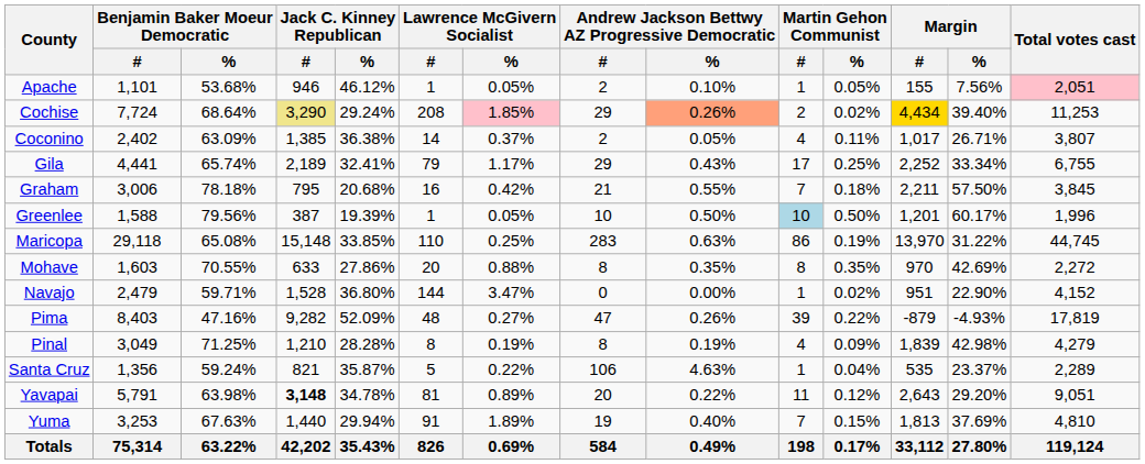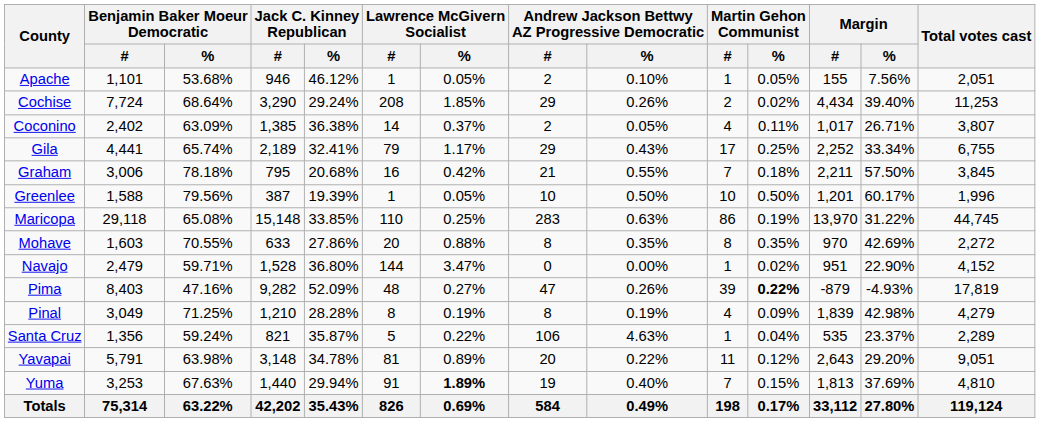 <table class="wikitable sortable" style="text-align:center">
 <tr>
 <th rowspan="2">County</th>
 <th style="text-align:center;" colspan="2">Benjamin Baker Moeur<br>Democratic</th>
 <th style="text-align:center;" colspan="2">Jack C. Kinney<br>Republican</th>
 <th style="text-align:center;" colspan="2">Lawrence McGivern<br>Socialist</th>
 <th style="text-align:center;" colspan="2">Andrew Jackson Bettwy<br>AZ Progressive Democratic</th>
 <th style="text-align:center;" colspan="2">Martin Gehon<br>Communist</th>
 <th style="text-align:center;" colspan="2">Margin</th>
 <th style="text-align:center;" rowspan="2">Total votes cast</th>
 </tr>
 <tr>
 <th style="text-align:center;" data-sort-type="number">#</th>
 <th style="text-align:center;" data-sort-type="number">%</th>
 <th style="text-align:center;" data-sort-type="number">#</th>
 <th style="text-align:center;" data-sort-type="number">%</th>
 <th style="text-align:center;" data-sort-type="number">#</th>
 <th style="text-align:center;" data-sort-type="number">%</th>
 <th style="text-align:center;" data-sort-type="number">#</th>
 <th style="text-align:center;" data-sort-type="number">%</th>
 <th style="text-align:center;" data-sort-type="number">#</th>
 <th style="text-align:center;" data-sort-type="number">%</th>
 <th style="text-align:center;" data-sort-type="number">#</th>
 <th style="text-align:center;" data-sort-type="number">%</th>
 </tr>
 <tr style="text-align:center;">
 <td><a href='#'>Apache</a></td>
 <td>1,101</td>
 <td>53.68%</td>
 <td>946</td>
 <td>46.12%</td>
 <td>1</td>
 <td>0.05%</td>
 <td>2</td>
 <td>0.10%</td>
 <td>1</td>
 <td>0.05%</td>
 <td>155</td>
 <td>7.56%</td>
-<td style="background: pink;">2,051</td>
+<td>2,051</td>
 </tr>
 <tr style="text-align:center;">
 <td><a href='#'>Cochise</a></td>
 <td>7,724</td>
 <td>68.64%</td>
-<td style="background: khaki;">3,290</td>
+<td>3,290</td>
 <td>29.24%</td>
 <td>208</td>
-<td style="background: pink;">1.85%</td>
+<td>1.85%</td>
 <td>29</td>
-<td style="background: lightsalmon;">0.26%</td>
+<td>0.26%</td>
 <td>2</td>
 <td>0.02%</td>
-<td style="background: gold;">4,434</td>
+<td>4,434</td>
 <td>39.40%</td>
 <td>11,253</td>
 </tr>
 <tr style="text-align:center;">
 <td><a href='#'>Coconino</a></td>
 <td>2,402</td>
 <td>63.09%</td>
 <td>1,385</td>
 <td>36.38%</td>
 <td>14</td>
 <td>0.37%</td>
 <td>2</td>
 <td>0.05%</td>
 <td>4</td>
 <td>0.11%</td>
 <td>1,017</td>
 <td>26.71%</td>
 <td>3,807</td>
 </tr>
 <tr style="text-align:center;">
 <td><a href='#'>Gila</a></td>
 <td>4,441</td>
 <td>65.74%</td>
 <td>2,189</td>
 <td>32.41%</td>
 <td>79</td>
 <td>1.17%</td>
 <td>29</td>
 <td>0.43%</td>
 <td>17</td>
 <td>0.25%</td>
 <td>2,252</td>
 <td>33.34%</td>
 <td>6,755</td>
 </tr>
 <tr style="text-align:center;">
 <td><a href='#'>Graham</a></td>
 <td>3,006</td>
 <td>78.18%</td>
 <td>795</td>
 <td>20.68%</td>
 <td>16</td>
 <td>0.42%</td>
 <td>21</td>
 <td>0.55%</td>
 <td>7</td>
 <td>0.18%</td>
 <td>2,211</td>
 <td>57.50%</td>
 <td>3,845</td>
 </tr>
 <tr style="text-align:center;">
 <td><a href='#'>Greenlee</a></td>
 <td>1,588</td>
 <td>79.56%</td>
 <td>387</td>
 <td>19.39%</td>
 <td>1</td>
 <td>0.05%</td>
 <td>10</td>
 <td>0.50%</td>
-<td style="background: lightblue;">10</td>
+<td>10</td>
 <td>0.50%</td>
 <td>1,201</td>
 <td>60.17%</td>
 <td>1,996</td>
 </tr>
 <tr style="text-align:center;">
 <td><a href='#'>Maricopa</a></td>
 <td>29,118</td>
 <td>65.08%</td>
 <td>15,148</td>
 <td>33.85%</td>
 <td>110</td>
 <td>0.25%</td>
 <td>283</td>
 <td>0.63%</td>
 <td>86</td>
 <td>0.19%</td>
 <td>13,970</td>
 <td>31.22%</td>
 <td>44,745</td>
 </tr>
 <tr style="text-align:center;">
 <td><a href='#'>Mohave</a></td>
 <td>1,603</td>
 <td>70.55%</td>
 <td>633</td>
 <td>27.86%</td>
 <td>20</td>
 <td>0.88%</td>
 <td>8</td>
 <td>0.35%</td>
 <td>8</td>
 <td>0.35%</td>
 <td>970</td>
 <td>42.69%</td>
 <td>2,272</td>
 </tr>
 <tr style="text-align:center;">
 <td><a href='#'>Navajo</a></td>
 <td>2,479</td>
 <td>59.71%</td>
 <td>1,528</td>
 <td>36.80%</td>
 <td>144</td>
 <td>3.47%</td>
 <td>0</td>
 <td>0.00%</td>
 <td>1</td>
 <td>0.02%</td>
 <td>951</td>
 <td>22.90%</td>
 <td>4,152</td>
 </tr>
 <tr style="text-align:center;">
 <td><a href='#'>Pima</a></td>
 <td>8,403</td>
 <td>47.16%</td>
 <td>9,282</td>
 <td>52.09%</td>
 <td>48</td>
 <td>0.27%</td>
 <td>47</td>
 <td>0.26%</td>
 <td>39</td>
-<td>0.22%</td>
+<td><strong>0.22%</strong></td>
 <td>-879</td>
 <td>-4.93%</td>
 <td>17,819</td>
 </tr>
 <tr style="text-align:center;">
 <td><a href='#'>Pinal</a></td>
 <td>3,049</td>
 <td>71.25%</td>
 <td>1,210</td>
 <td>28.28%</td>
 <td>8</td>
 <td>0.19%</td>
 <td>8</td>
 <td>0.19%</td>
 <td>4</td>
 <td>0.09%</td>
 <td>1,839</td>
 <td>42.98%</td>
 <td>4,279</td>
 </tr>
 <tr style="text-align:center;">
 <td><a href='#'>Santa Cruz</a></td>
 <td>1,356</td>
 <td>59.24%</td>
 <td>821</td>
 <td>35.87%</td>
 <td>5</td>
 <td>0.22%</td>
 <td>106</td>
 <td>4.63%</td>
 <td>1</td>
 <td>0.04%</td>
 <td>535</td>
 <td>23.37%</td>
 <td>2,289</td>
 </tr>
 <tr style="text-align:center;">
 <td><a href='#'>Yavapai</a></td>
 <td>5,791</td>
 <td>63.98%</td>
-<td><strong>3,148</strong></td>
+<td>3,148</td>
 <td>34.78%</td>
 <td>81</td>
 <td>0.89%</td>
 <td>20</td>
 <td>0.22%</td>
 <td>11</td>
 <td>0.12%</td>
 <td>2,643</td>
 <td>29.20%</td>
 <td>9,051</td>
 </tr>
 <tr style="text-align:center;">
 <td><a href='#'>Yuma</a></td>
 <td>3,253</td>
 <td>67.63%</td>
 <td>1,440</td>
 <td>29.94%</td>
 <td>91</td>
-<td>1.89%</td>
+<td><strong>1.89%</strong></td>
 <td>19</td>
 <td>0.40%</td>
 <td>7</td>
 <td>0.15%</td>
 <td>1,813</td>
 <td>37.69%</td>
 <td>4,810</td>
 </tr>
 <tr style="text-align:center;">
 <th>Totals</th>
 <th>75,314</th>
 <th>63.22%</th>
 <th>42,202</th>
 <th>35.43%</th>
 <th>826</th>
 <th>0.69%</th>
 <th>584</th>
 <th>0.49%</th>
 <th>198</th>
 <th>0.17%</th>
 <th>33,112</th>
 <th>27.80%</th>
 <th>119,124</th>
 </tr>
 </table>
